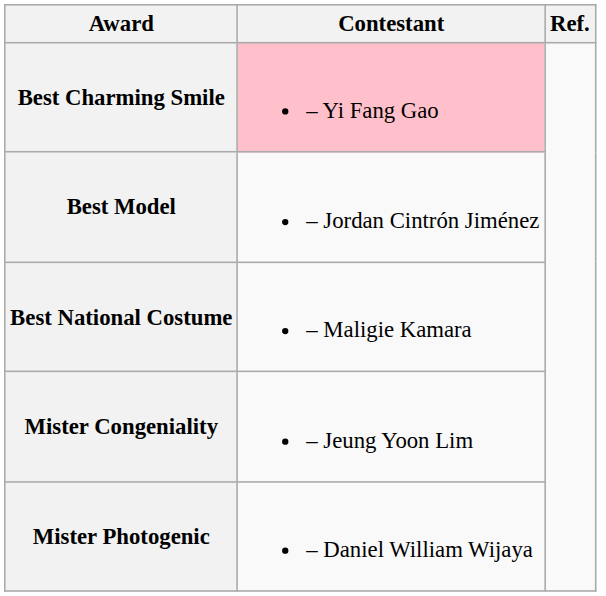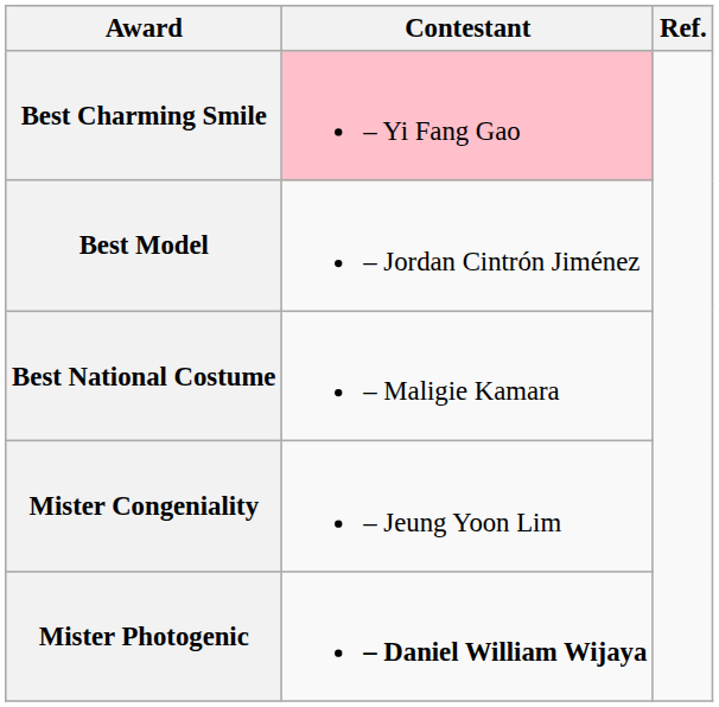 <table class="wikitable sortable" style="font-size: 90%;">
 <tr>
 <th>Award</th>
 <th>Contestant</th>
 <th>Ref.</th>
 </tr>
 <tr>
 <th>Best Charming Smile</th>
 <td style="background: pink;"><br><ul><li> – Yi Fang Gao</li></ul></td>
 <td rowspan="20"colspan="1"></td>
 </tr>
 <tr>
 <th>Best Model</th>
 <td><br><ul><li> – Jordan Cintrón Jiménez</li></ul></td>
 </tr>
 <tr>
 <th>Best National Costume</th>
 <td><br><ul><li> – Maligie Kamara</li></ul></td>
 </tr>
 <tr>
 <th>Mister Congeniality</th>
 <td><br><ul><li> – Jeung Yoon Lim</li></ul></td>
 </tr>
 <tr>
 <th>Mister Photogenic</th>
-<td><br><ul><li> – Daniel William Wijaya</li></ul></td>
+<td><strong><br><ul><li> – Daniel William Wijaya</li></ul></strong></td>
 </tr>
 </table>
